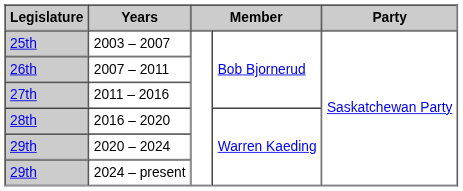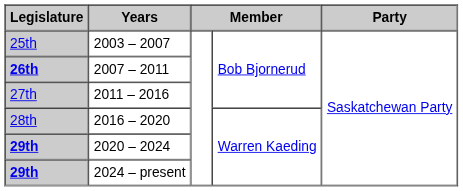 <table border=1 cellpadding=5 cellspacing=0>
 <tr bgcolor="CCCCCC">
 <th>Legislature</th>
 <th>Years</th>
 <th colspan="2">Member</th>
 <th>Party</th>
 </tr>
 <tr>
 <td bgcolor="CCCCCC"><a href='#'>25th</a></td>
 <td>2003 – 2007</td>
 <td rowspan="6" >   </td>
 <td rowspan="3"><a href='#'>Bob Bjornerud</a></td>
 <td rowspan="6"><a href='#'>Saskatchewan Party</a></td>
 </tr>
 <tr>
-<td bgcolor="CCCCCC"><a href='#'>26th</a></td>
+<td bgcolor="CCCCCC"><strong><a href='#'>26th</a></strong></td>
 <td>2007 – 2011</td>
 </tr>
 <tr>
 <td bgcolor="CCCCCC"><a href='#'>27th</a></td>
 <td>2011 – 2016</td>
 </tr>
 <tr>
 <td bgcolor="CCCCCC"><a href='#'>28th</a></td>
 <td>2016 – 2020</td>
 <td rowspan="3"><a href='#'>Warren Kaeding</a></td>
 </tr>
 <tr>
-<td bgcolor="CCCCCC"><a href='#'>29th</a></td>
+<td bgcolor="CCCCCC"><strong><a href='#'>29th</a></strong></td>
 <td>2020 – 2024</td>
 </tr>
 <tr>
-<td bgcolor="CCCCCC"><a href='#'>29th</a></td>
+<td bgcolor="CCCCCC"><strong><a href='#'>29th</a></strong></td>
 <td>2024 – present</td>
 </tr>
 </table>
